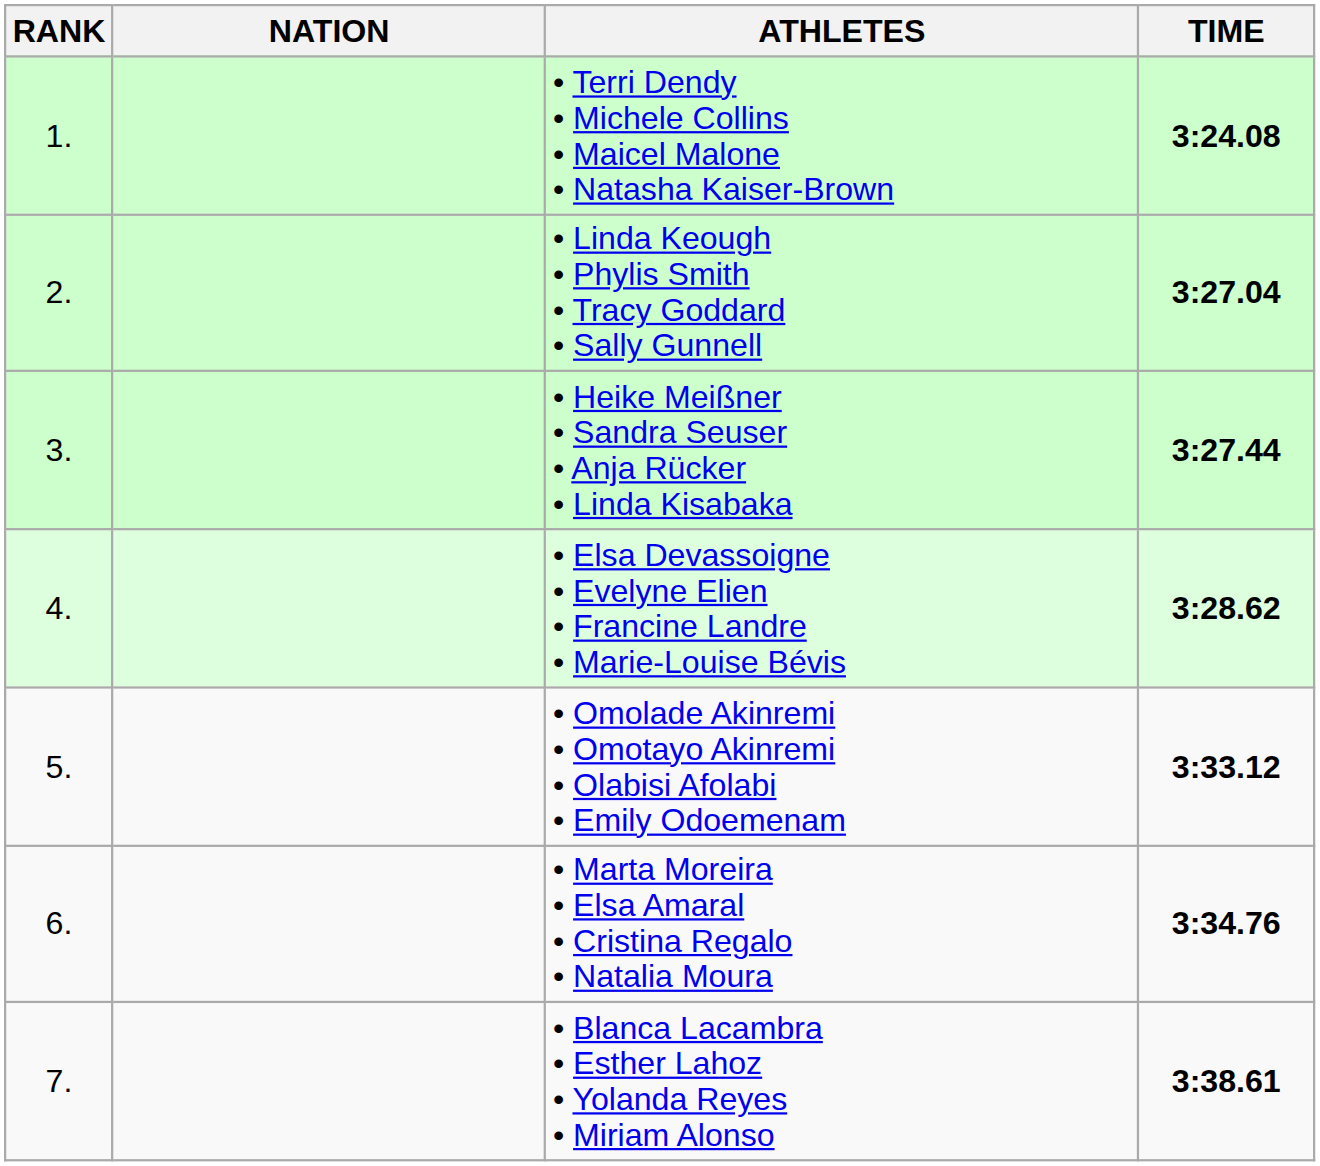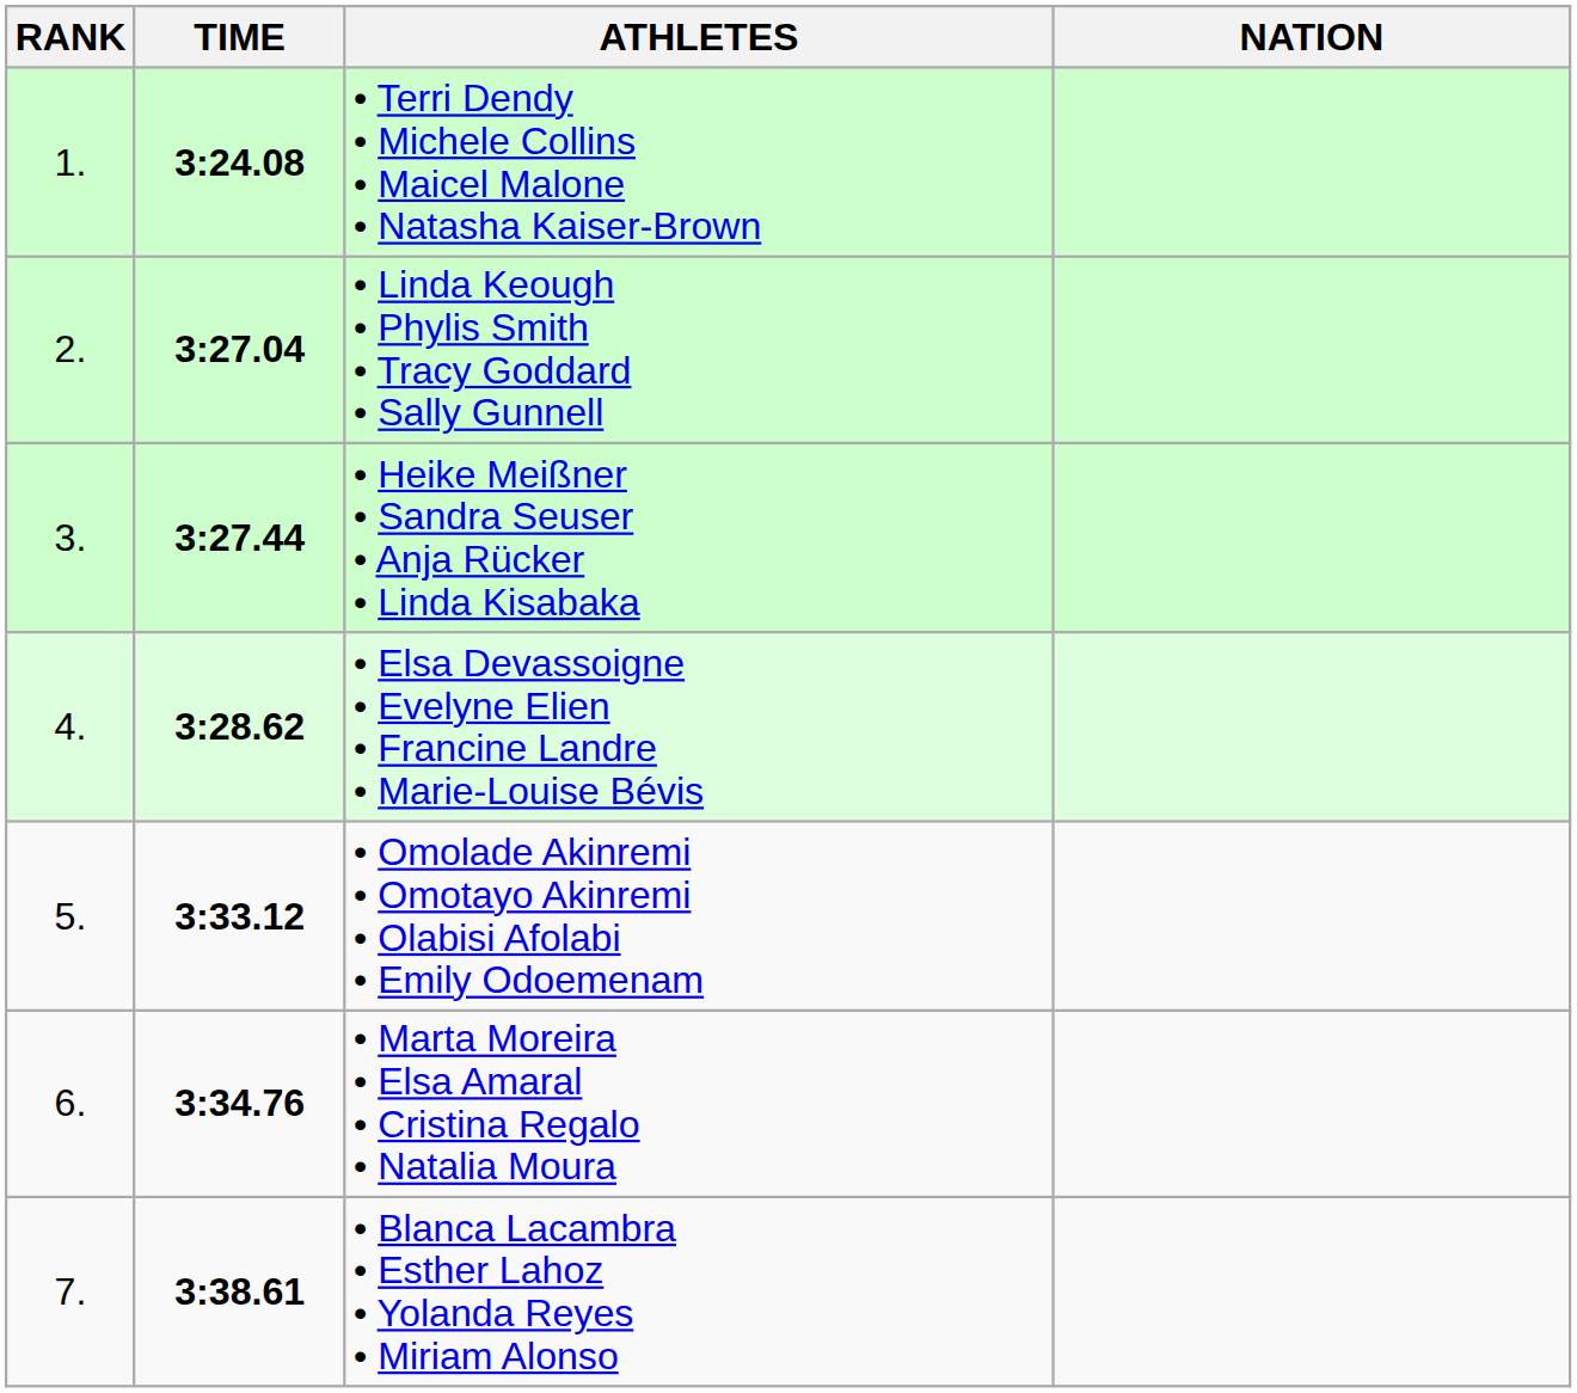 <table class="wikitable" style="border-collapse: collapse; font-size: 90%;">
 <tr>
 <th>RANK</th>
+<th style="width: 5em">TIME</th>
+<th style="width: 18em">ATHLETES</th>
 <th style="width: 13em">NATION</th>
-<th style="width: 18em">ATHLETES</th>
-<th style="width: 5em">TIME</th>
 </tr>
 <tr style="background:#ccffcc;">
 <td align="center">1.</td>
+<td align="center"><strong>3:24.08</strong></td>
+<td>• <a href='#'>Terri Dendy</a><br>• <a href='#'>Michele Collins</a><br>• <a href='#'>Maicel Malone</a><br>• <a href='#'>Natasha Kaiser-Brown</a></td>
 <td align="center"></td>
-<td>• <a href='#'>Terri Dendy</a><br>• <a href='#'>Michele Collins</a><br>• <a href='#'>Maicel Malone</a><br>• <a href='#'>Natasha Kaiser-Brown</a></td>
-<td align="center"><strong>3:24.08</strong></td>
 </tr>
 <tr style="background:#ccffcc;">
 <td align="center">2.</td>
+<td align="center"><strong>3:27.04</strong></td>
+<td>• <a href='#'>Linda Keough</a><br>• <a href='#'>Phylis Smith</a><br>• <a href='#'>Tracy Goddard</a><br>• <a href='#'>Sally Gunnell</a></td>
 <td align="center"></td>
-<td>• <a href='#'>Linda Keough</a><br>• <a href='#'>Phylis Smith</a><br>• <a href='#'>Tracy Goddard</a><br>• <a href='#'>Sally Gunnell</a></td>
-<td align="center"><strong>3:27.04</strong></td>
 </tr>
 <tr style="background:#ccffcc;">
 <td align="center">3.</td>
+<td align="center"><strong>3:27.44</strong></td>
+<td>• <a href='#'>Heike Meißner</a><br>• <a href='#'>Sandra Seuser</a><br>• <a href='#'>Anja Rücker</a><br>• <a href='#'>Linda Kisabaka</a></td>
 <td align="center"></td>
-<td>• <a href='#'>Heike Meißner</a><br>• <a href='#'>Sandra Seuser</a><br>• <a href='#'>Anja Rücker</a><br>• <a href='#'>Linda Kisabaka</a></td>
-<td align="center"><strong>3:27.44</strong></td>
 </tr>
 <tr style="background:#ddffdd;">
 <td align="center">4.</td>
+<td align="center"><strong>3:28.62</strong></td>
+<td>• <a href='#'>Elsa Devassoigne</a><br>• <a href='#'>Evelyne Elien</a><br>• <a href='#'>Francine Landre</a><br>• <a href='#'>Marie-Louise Bévis</a></td>
 <td align="center"></td>
-<td>• <a href='#'>Elsa Devassoigne</a><br>• <a href='#'>Evelyne Elien</a><br>• <a href='#'>Francine Landre</a><br>• <a href='#'>Marie-Louise Bévis</a></td>
-<td align="center"><strong>3:28.62</strong></td>
 </tr>
 <tr>
 <td align="center">5.</td>
+<td align="center"><strong>3:33.12</strong></td>
+<td>• <a href='#'>Omolade Akinremi</a><br>• <a href='#'>Omotayo Akinremi</a><br>• <a href='#'>Olabisi Afolabi</a><br>• <a href='#'>Emily Odoemenam</a></td>
 <td align="center"></td>
-<td>• <a href='#'>Omolade Akinremi</a><br>• <a href='#'>Omotayo Akinremi</a><br>• <a href='#'>Olabisi Afolabi</a><br>• <a href='#'>Emily Odoemenam</a></td>
-<td align="center"><strong>3:33.12</strong></td>
 </tr>
 <tr>
 <td align="center">6.</td>
+<td align="center"><strong>3:34.76</strong></td>
+<td>• <a href='#'>Marta Moreira</a><br>• <a href='#'>Elsa Amaral</a><br>• <a href='#'>Cristina Regalo</a><br>• <a href='#'>Natalia Moura</a></td>
 <td align="center"></td>
-<td>• <a href='#'>Marta Moreira</a><br>• <a href='#'>Elsa Amaral</a><br>• <a href='#'>Cristina Regalo</a><br>• <a href='#'>Natalia Moura</a></td>
-<td align="center"><strong>3:34.76</strong></td>
 </tr>
 <tr>
 <td align="center">7.</td>
+<td align="center"><strong>3:38.61</strong></td>
+<td>• <a href='#'>Blanca Lacambra</a><br>• <a href='#'>Esther Lahoz</a><br>• <a href='#'>Yolanda Reyes</a><br>• <a href='#'>Miriam Alonso</a></td>
 <td align="center"></td>
-<td>• <a href='#'>Blanca Lacambra</a><br>• <a href='#'>Esther Lahoz</a><br>• <a href='#'>Yolanda Reyes</a><br>• <a href='#'>Miriam Alonso</a></td>
-<td align="center"><strong>3:38.61</strong></td>
 </tr>
 </table>
